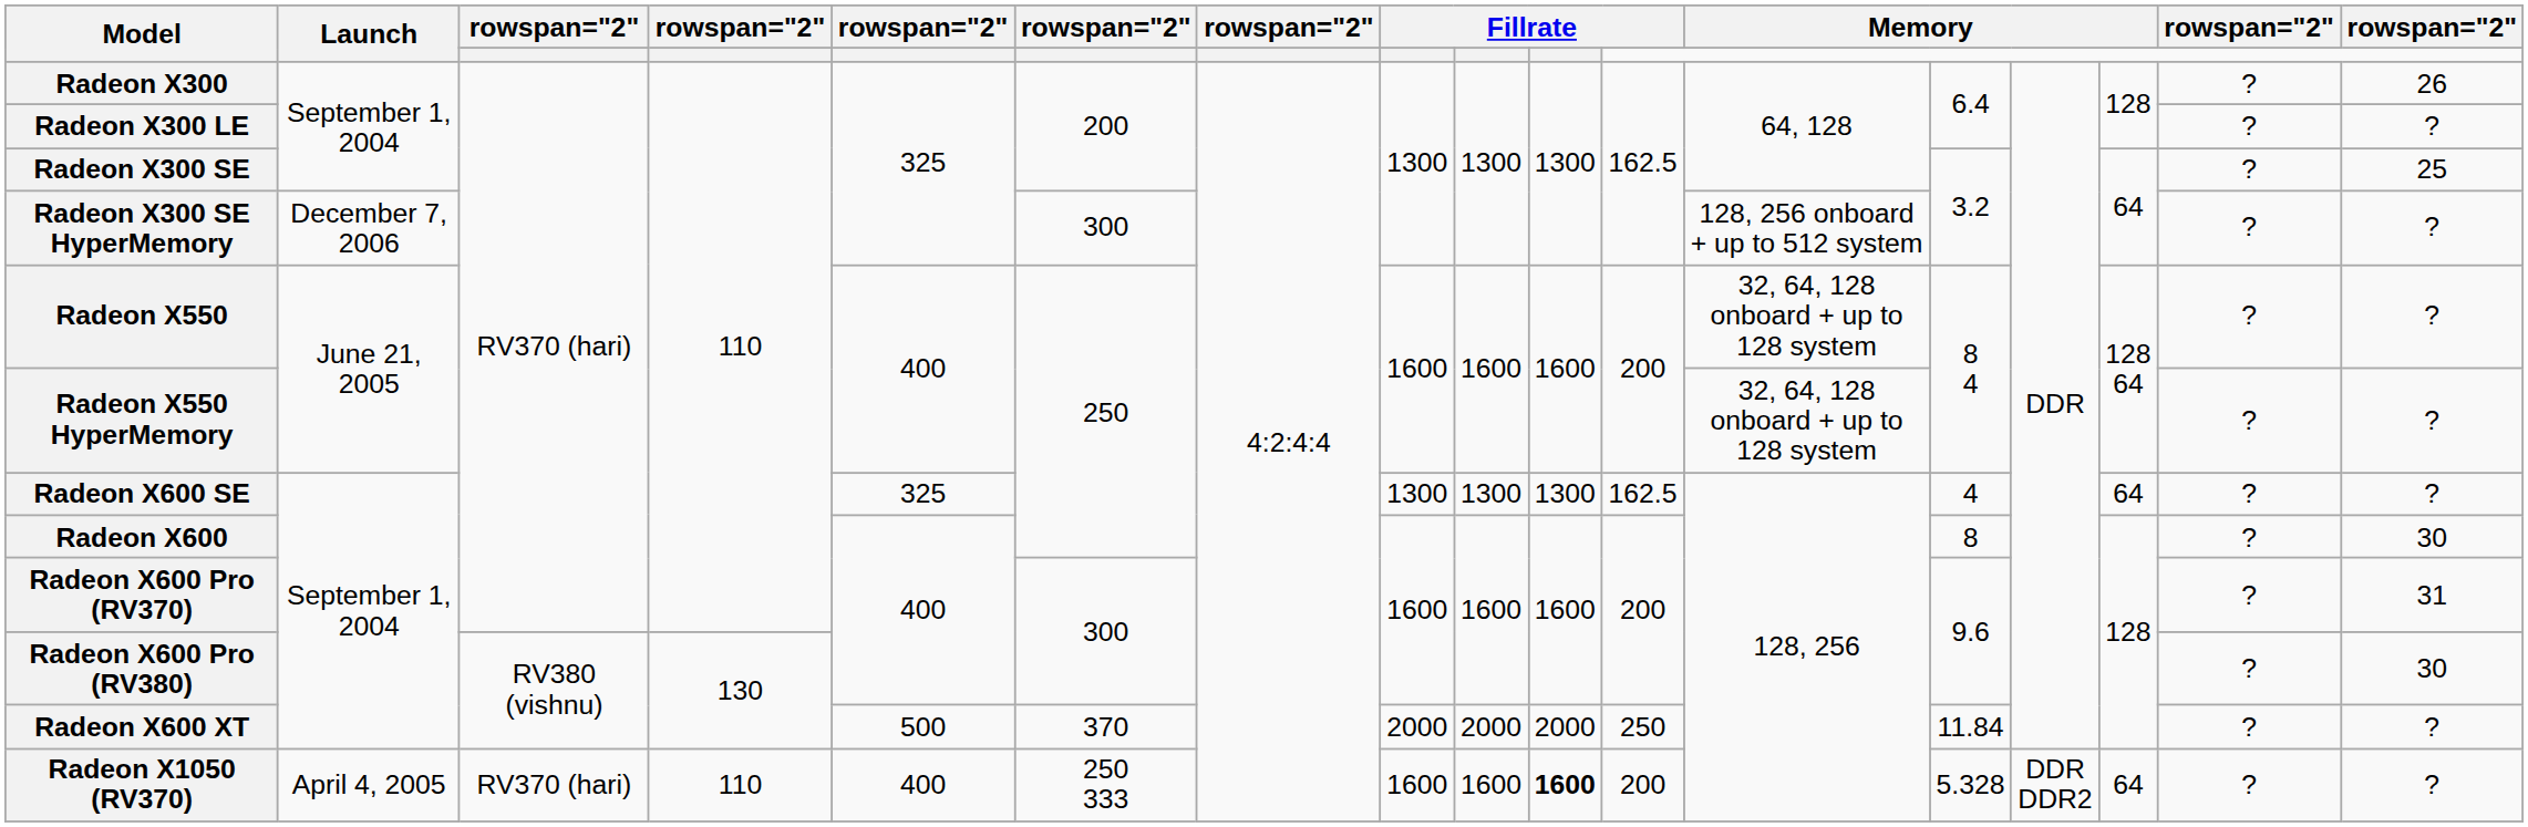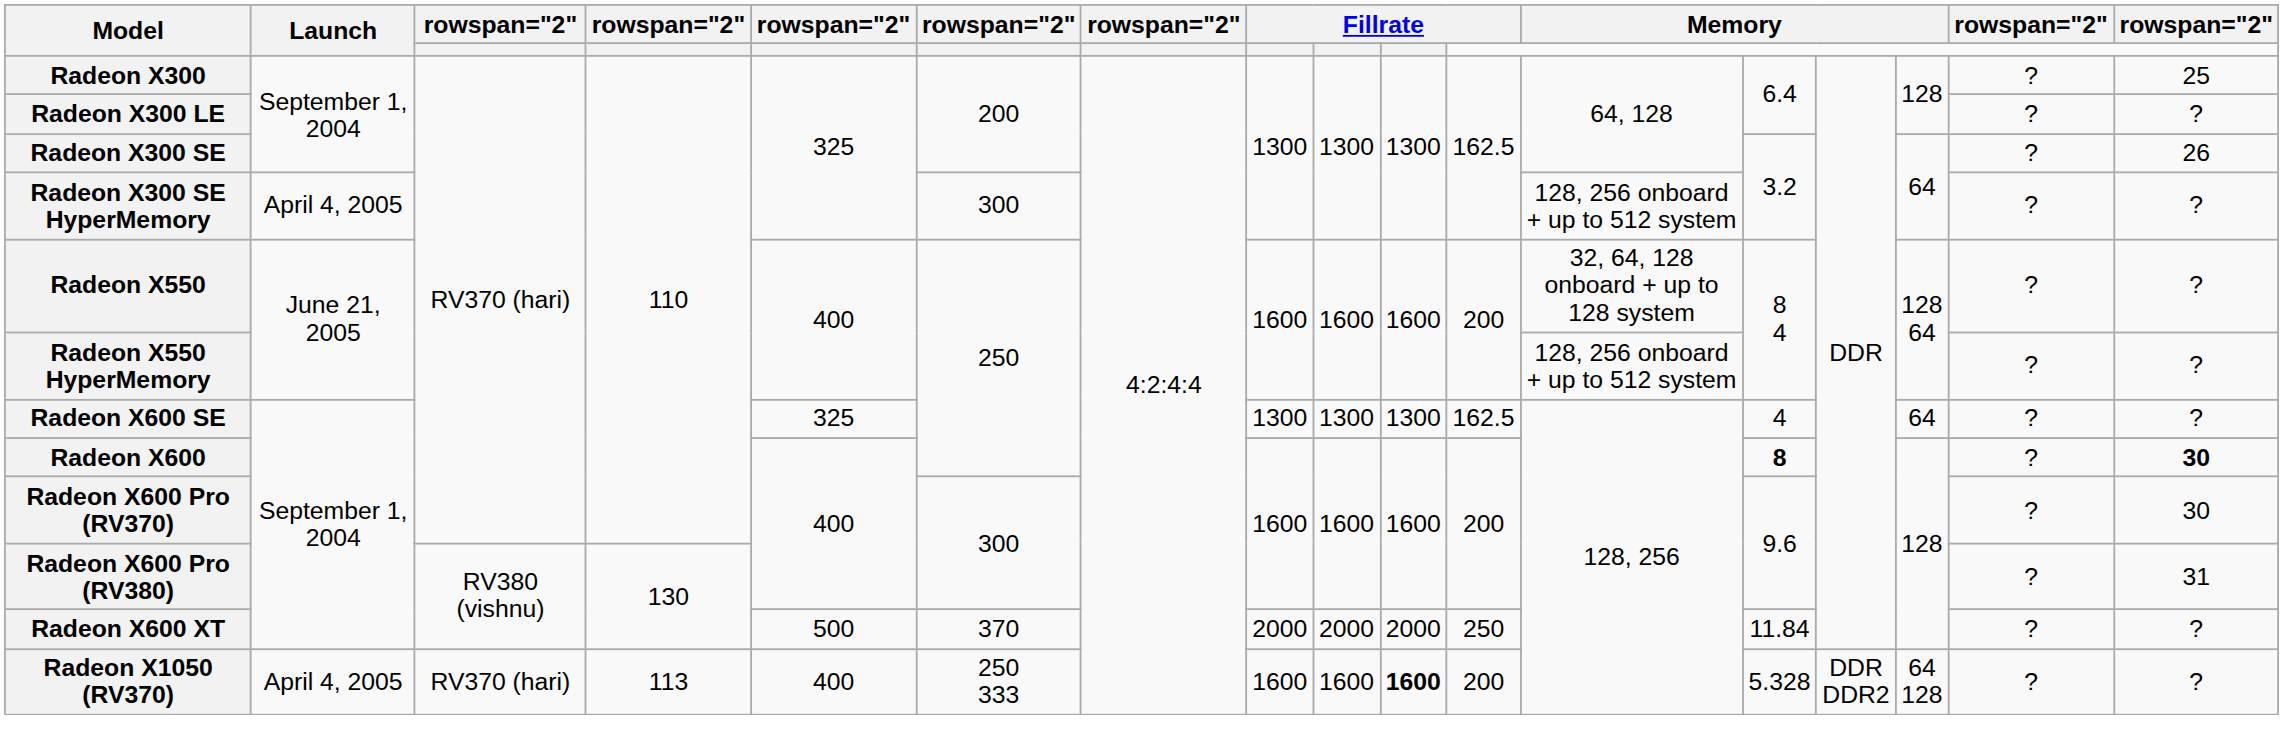 <table class="mw-datatable wikitable sortable" style="font-size:85%; text-align:center;">
 <tr>
 <th rowspan="2">Model</th>
 <th rowspan="2">Launch</th>
 <th>rowspan="2" </th>
 <th>rowspan="2" </th>
 <th>rowspan="2" </th>
 <th>rowspan="2" </th>
 <th>rowspan="2" </th>
 <th colspan="4"><a href='#'>Fillrate</a></th>
 <th colspan="4">Memory</th>
 <th>rowspan="2" </th>
 <th>rowspan="2" </th>
 </tr>
 <tr>
 <th></th>
 <th></th>
 <th></th>
 <th></th>
 <th></th>
 <th></th>
 <th></th>
 <th></th>
 </tr>
 <tr>
 <th>Radeon X300</th>
 <td rowspan="3">September 1, 2004</td>
 <td rowspan="9">RV370 (hari)</td>
 <td rowspan="9">110</td>
 <td rowspan="4">325</td>
 <td rowspan="3">200</td>
 <td rowspan="12">4:2:4:4</td>
 <td rowspan="4">1300</td>
 <td rowspan="4">1300</td>
 <td rowspan="4">1300</td>
 <td rowspan="4">162.5</td>
 <td rowspan="3">64, 128</td>
 <td rowspan="2">6.4</td>
 <td rowspan="11">DDR</td>
 <td rowspan="2">128</td>
 <td>?</td>
-<td>26</td>
+<td>25</td>
 </tr>
 <tr>
 <th>Radeon X300 LE</th>
 <td>?</td>
 <td>?</td>
 </tr>
 <tr>
 <th>Radeon X300 SE</th>
 <td rowspan="2">3.2</td>
 <td rowspan="2">64</td>
 <td>?</td>
-<td>25</td>
+<td>26</td>
 </tr>
 <tr>
 <th>Radeon X300 SE HyperMemory</th>
-<td>December 7, 2006</td>
+<td>April 4, 2005</td>
 <td>300</td>
 <td>128, 256 onboard + up to 512 system</td>
 <td>?</td>
 <td>?</td>
 </tr>
 <tr>
 <th>Radeon X550</th>
 <td rowspan="2">June 21, 2005</td>
 <td rowspan="2">400</td>
 <td rowspan="4">250</td>
 <td rowspan="2">1600</td>
 <td rowspan="2">1600</td>
 <td rowspan="2">1600</td>
 <td rowspan="2">200</td>
 <td>32, 64, 128 onboard + up to 128 system</td>
 <td rowspan="2">8<br>4</td>
 <td rowspan="2">128<br>64</td>
 <td>?</td>
 <td>?</td>
 </tr>
 <tr>
 <th>Radeon X550 HyperMemory</th>
-<td>32, 64, 128 onboard + up to 128 system</td>
+<td>128, 256 onboard + up to 512 system</td>
 <td>?</td>
 <td>?</td>
 </tr>
 <tr>
 <th>Radeon X600 SE</th>
 <td rowspan="5">September 1, 2004</td>
 <td>325</td>
 <td>1300</td>
 <td>1300</td>
 <td>1300</td>
 <td>162.5</td>
 <td rowspan="6">128, 256</td>
 <td>4</td>
 <td>64</td>
 <td>?</td>
 <td>?</td>
 </tr>
 <tr>
 <th>Radeon X600</th>
 <td rowspan="3">400</td>
 <td rowspan="3">1600</td>
 <td rowspan="3">1600</td>
 <td rowspan="3">1600</td>
 <td rowspan="3">200</td>
-<td>8</td>
+<td><strong>8</strong></td>
 <td rowspan="4">128</td>
 <td>?</td>
-<td>30</td>
+<td><strong>30</strong></td>
 </tr>
 <tr>
 <th>Radeon X600 Pro (RV370)</th>
 <td rowspan="2">300</td>
 <td rowspan="2">9.6</td>
 <td>?</td>
-<td>31</td>
+<td>30</td>
 </tr>
 <tr>
 <th>Radeon X600 Pro (RV380)</th>
 <td rowspan="2">RV380 (vishnu)</td>
 <td rowspan="2">130</td>
 <td>?</td>
-<td>30</td>
+<td>31</td>
 </tr>
 <tr>
 <th>Radeon X600 XT</th>
 <td>500</td>
 <td>370</td>
 <td>2000</td>
 <td>2000</td>
 <td>2000</td>
 <td>250</td>
 <td>11.84</td>
 <td>?</td>
 <td>?</td>
 </tr>
 <tr>
 <th>Radeon X1050 (RV370)</th>
 <td>April 4, 2005</td>
 <td>RV370 (hari)</td>
-<td>110</td>
+<td>113</td>
 <td>400</td>
 <td>250<br>333</td>
 <td>1600</td>
 <td>1600</td>
 <td><strong>1600</strong></td>
 <td>200</td>
 <td>5.328</td>
 <td>DDR<br>DDR2</td>
-<td>64</td>
+<td>64<br>128</td>
 <td>?</td>
 <td>?</td>
 </tr>
 </table>
